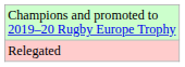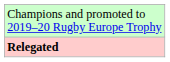 <table class="wikitable">
 <tr style="width:10px;background:#cfc">
 <td>Champions and promoted to<br><a href='#'>2019–20 Rugby Europe Trophy</a></td>
 </tr>
 <tr style="width:10px;background:#fcc">
-<td>Relegated</td>
+<td><strong>Relegated</strong></td>
 </tr>
 </table>
